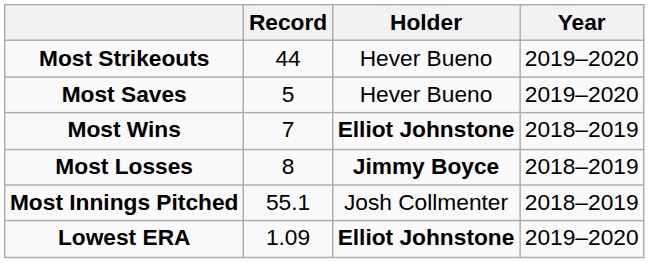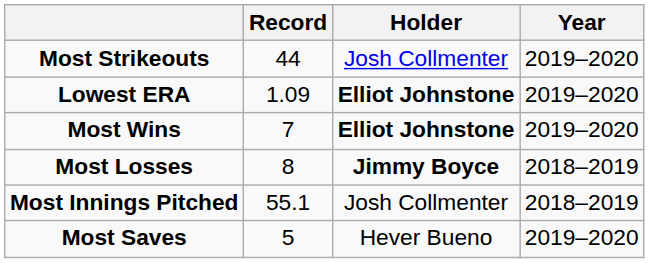 <table class="wikitable" style="text-align: center; mPERin: 0 auto;">
 <tr>
 <th></th>
 <th>Record</th>
 <th>Holder</th>
 <th>Year</th>
 </tr>
 <tr>
 <td><strong>Most Strikeouts</strong></td>
 <td>44</td>
-<td>Hever Bueno</td>
+<td><a href='#'>Josh Collmenter</a></td>
 <td>2019–2020</td>
 </tr>
 <tr>
-<td><strong>Most Saves</strong></td>
-<td>5</td>
-<td>Hever Bueno</td>
+<td><strong>Lowest ERA</strong></td>
+<td>1.09</td>
+<td><strong>Elliot Johnstone</strong></td>
 <td>2019–2020</td>
 </tr>
 <tr>
 <td><strong>Most Wins</strong></td>
 <td>7</td>
 <td><strong>Elliot Johnstone</strong></td>
-<td>2018–2019</td>
+<td>2019–2020</td>
 </tr>
 <tr>
 <td><strong>Most Losses</strong></td>
 <td>8</td>
 <td><strong>Jimmy Boyce</strong></td>
 <td>2018–2019</td>
 </tr>
 <tr>
 <td><strong>Most Innings Pitched</strong></td>
 <td>55.1</td>
 <td>Josh Collmenter</td>
 <td>2018–2019</td>
 </tr>
 <tr>
-<td><strong>Lowest ERA</strong></td>
-<td>1.09</td>
-<td><strong>Elliot Johnstone</strong></td>
+<td><strong>Most Saves</strong></td>
+<td>5</td>
+<td>Hever Bueno</td>
 <td>2019–2020</td>
 </tr>
 </table>
